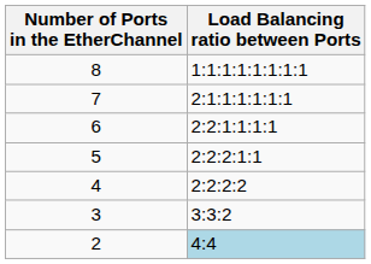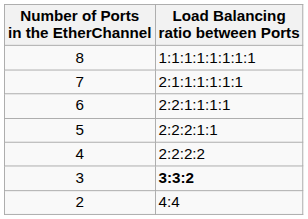 <table class="wikitable">
 <tr>
 <th>Number of Ports<br>in the EtherChannel</th>
 <th>Load Balancing<br>ratio between Ports</th>
 </tr>
 <tr>
 <td align="center">8</td>
 <td>1:1:1:1:1:1:1:1</td>
 </tr>
 <tr>
 <td align="center">7</td>
 <td>2:1:1:1:1:1:1</td>
 </tr>
 <tr>
 <td align="center">6</td>
 <td>2:2:1:1:1:1</td>
 </tr>
 <tr>
 <td align="center">5</td>
 <td>2:2:2:1:1</td>
 </tr>
 <tr>
 <td align="center">4</td>
 <td>2:2:2:2</td>
 </tr>
 <tr>
 <td align="center">3</td>
-<td>3:3:2</td>
+<td><strong>3:3:2</strong></td>
 </tr>
 <tr>
 <td align="center">2</td>
-<td style="background: lightblue;">4:4</td>
+<td>4:4</td>
 </tr>
 </table>
